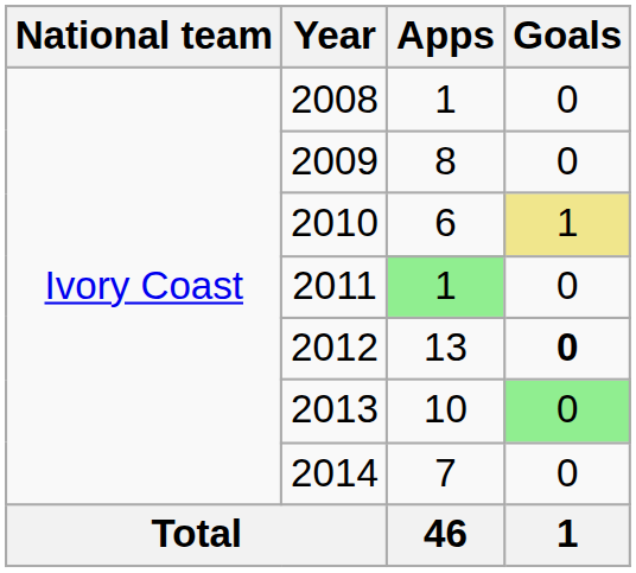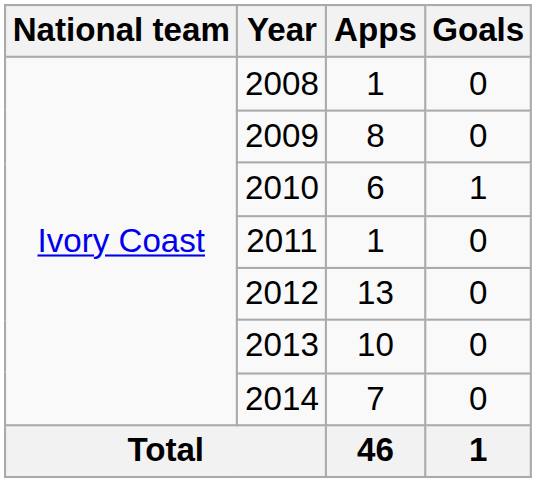 <table class="wikitable" style="text-align:center">
 <tr>
 <th>National team</th>
 <th>Year</th>
 <th>Apps</th>
 <th>Goals</th>
 </tr>
 <tr>
 <td rowspan="7"><a href='#'>Ivory Coast</a></td>
 <td>2008</td>
 <td>1</td>
 <td>0</td>
 </tr>
 <tr>
 <td>2009</td>
 <td>8</td>
 <td>0</td>
 </tr>
 <tr>
 <td>2010</td>
 <td>6</td>
-<td style="background: khaki;">1</td>
+<td>1</td>
 </tr>
 <tr>
 <td>2011</td>
-<td style="background: lightgreen;">1</td>
+<td>1</td>
 <td>0</td>
 </tr>
 <tr>
 <td>2012</td>
 <td>13</td>
-<td><strong>0</strong></td>
+<td>0</td>
 </tr>
 <tr>
 <td>2013</td>
 <td>10</td>
-<td style="background: lightgreen;">0</td>
+<td>0</td>
 </tr>
 <tr>
 <td>2014</td>
 <td>7</td>
 <td>0</td>
 </tr>
 <tr>
 <th colspan="2">Total</th>
 <th>46</th>
 <th>1</th>
 </tr>
 </table>
